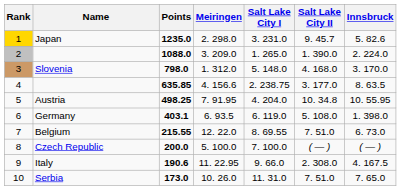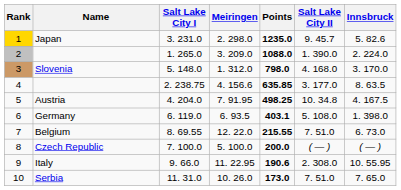 <table class="wikitable sortable">
 <tr>
 <th>Rank</th>
 <th width = "200">Name</th>
+<th width = "75" data-sort-type="number"><a href='#'>Salt Lake City I</a></th>
+<th width = "75" data-sort-type="number"><a href='#'>Meiringen</a></th>
 <th>Points</th>
-<th width = "75" data-sort-type="number"><a href='#'>Meiringen</a></th>
-<th width = "75" data-sort-type="number"><a href='#'>Salt Lake City I</a></th>
 <th width = "75" data-sort-type="number"><a href='#'>Salt Lake City II</a></th>
 <th width = "75" data-sort-type="number"><a href='#'>Innsbruck</a></th>
 </tr>
 <tr>
 <td align="center" style="background: gold">1</td>
 <td> Japan</td>
+<td align="center">3. 231.0</td>
+<td align="center">2. 298.0</td>
 <td align="center"><strong>1235.0</strong></td>
-<td align="center">2. 298.0</td>
-<td align="center">3. 231.0</td>
 <td align="center">9. 45.7</td>
 <td align="center">5. 82.6</td>
 </tr>
 <tr>
 <td align="center" style="background: silver">2</td>
 <td></td>
+<td align="center">1. 265.0</td>
+<td align="center">3. 209.0</td>
 <td align="center"><strong>1088.0</strong></td>
-<td align="center">3. 209.0</td>
-<td align="center">1. 265.0</td>
 <td align="center">1. 390.0</td>
 <td align="center">2. 224.0</td>
 </tr>
 <tr>
 <td align="center" style="background: #cc9966">3</td>
 <td> <a href='#'>Slovenia</a></td>
+<td align="center">5. 148.0</td>
+<td align="center">1. 312.0</td>
 <td align="center"><strong>798.0</strong></td>
-<td align="center">1. 312.0</td>
-<td align="center">5. 148.0</td>
 <td align="center">4. 168.0</td>
 <td align="center">3. 170.0</td>
 </tr>
 <tr>
 <td align="center">4</td>
 <td></td>
+<td align="center">2. 238.75</td>
+<td align="center">4. 156.6</td>
 <td align="center"><strong>635.85</strong></td>
-<td align="center">4. 156.6</td>
-<td align="center">2. 238.75</td>
 <td align="center">3. 177.0</td>
 <td align="center">8. 63.5</td>
 </tr>
 <tr>
 <td align="center">5</td>
 <td> Austria</td>
+<td align="center">4. 204.0</td>
+<td align="center">7. 91.95</td>
 <td align="center"><strong>498.25</strong></td>
-<td align="center">7. 91.95</td>
-<td align="center">4. 204.0</td>
 <td align="center">10. 34.8</td>
-<td align="center">10. 55.95</td>
+<td align="center">4. 167.5</td>
 </tr>
 <tr>
 <td align="center">6</td>
 <td> Germany</td>
+<td align="center">6. 119.0</td>
+<td align="center">6. 93.5</td>
 <td align="center"><strong>403.1</strong></td>
-<td align="center">6. 93.5</td>
-<td align="center">6. 119.0</td>
 <td align="center">5. 108.0</td>
 <td align="center">1. 398.0</td>
 </tr>
 <tr>
 <td align="center">7</td>
 <td> Belgium</td>
+<td align="center">8. 69.55</td>
+<td align="center">12. 22.0</td>
 <td align="center"><strong>215.55</strong></td>
-<td align="center">12. 22.0</td>
-<td align="center">8. 69.55</td>
 <td align="center">7. 51.0</td>
 <td align="center">6. 73.0</td>
 </tr>
 <tr>
 <td align="center">8</td>
 <td> <a href='#'>Czech Republic</a></td>
+<td align="center">7. 100.0</td>
+<td align="center">5. 100.0</td>
 <td align="center"><strong>200.0</strong></td>
-<td align="center">5. 100.0</td>
-<td align="center">7. 100.0</td>
 <td align="center"><em>( — )</em></td>
 <td align="center"><em>( — )</em></td>
 </tr>
 <tr>
 <td align="center">9</td>
 <td> Italy</td>
+<td align="center">9. 66.0</td>
+<td align="center">11. 22.95</td>
 <td align="center"><strong>190.6</strong></td>
-<td align="center">11. 22.95</td>
-<td align="center">9. 66.0</td>
 <td align="center">2. 308.0</td>
-<td align="center">4. 167.5</td>
+<td align="center">10. 55.95</td>
 </tr>
 <tr>
 <td align="center">10</td>
 <td> <a href='#'>Serbia</a></td>
+<td align="center">11. 31.0</td>
+<td align="center">10. 26.0</td>
 <td align="center"><strong>173.0</strong></td>
-<td align="center">10. 26.0</td>
-<td align="center">11. 31.0</td>
 <td align="center">7. 51.0</td>
 <td align="center">7. 65.0</td>
 </tr>
 </table>
